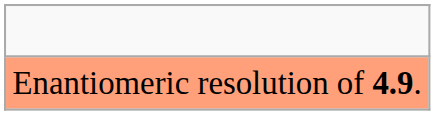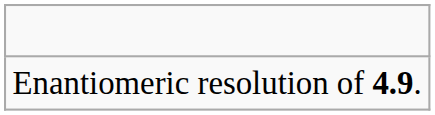 <table class="wikitable">
 <tr align="center">
 <td><br></td>
 </tr>
 <tr align="center">
-<td style="background: lightsalmon;">Enantiomeric resolution of <strong>4.9</strong>.</td>
+<td>Enantiomeric resolution of <strong>4.9</strong>.</td>
 </tr>
 </table>
